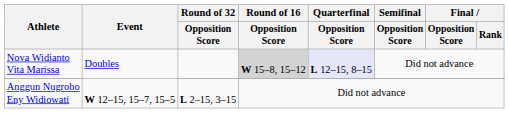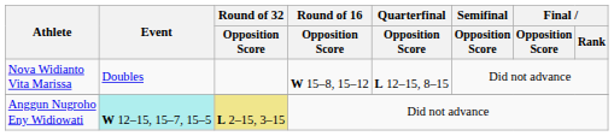 <table class=wikitable style="font-size:90%">
 <tr>
 <th rowspan="2">Athlete</th>
 <th rowspan="2">Event</th>
 <th>Round of 32</th>
 <th>Round of 16</th>
 <th>Quarterfinal</th>
 <th>Semifinal</th>
 <th colspan=2>Final / </th>
 </tr>
 <tr style="font-size:95%">
 <th>Opposition<br>Score</th>
 <th>Opposition<br>Score</th>
 <th>Opposition<br>Score</th>
 <th>Opposition<br>Score</th>
 <th>Opposition<br>Score</th>
 <th>Rank</th>
 </tr>
 <tr align=center>
 <td align=left><a href='#'>Nova Widianto</a><br><a href='#'>Vita Marissa</a></td>
 <td align=left rowspan=2><a href='#'>Doubles</a></td>
 <td></td>
-<td style="background: lightgrey;"><br><strong>W</strong> 15–8, 15–12</td>
-<td style="background: lavender;"><br><strong>L</strong> 12–15, 8–15</td>
+<td><br><strong>W</strong> 15–8, 15–12</td>
+<td><br><strong>L</strong> 12–15, 8–15</td>
 <td colspan=4>Did not advance</td>
 </tr>
 <tr>
 </tr>
 <tr align=center>
 <td align=left><a href='#'>Anggun Nugroho</a><br><a href='#'>Eny Widiowati</a></td>
-<td><br><strong>W</strong> 12–15, 15–7, 15–5</td>
-<td><br><strong>L</strong> 2–15, 3–15</td>
+<td style="background: paleturquoise;"><br><strong>W</strong> 12–15, 15–7, 15–5</td>
+<td style="background: khaki;"><br><strong>L</strong> 2–15, 3–15</td>
 <td colspan=5>Did not advance</td>
 </tr>
 </table>
